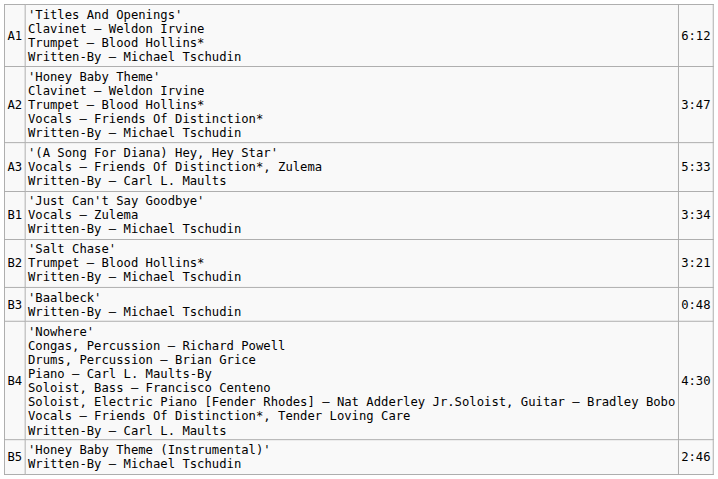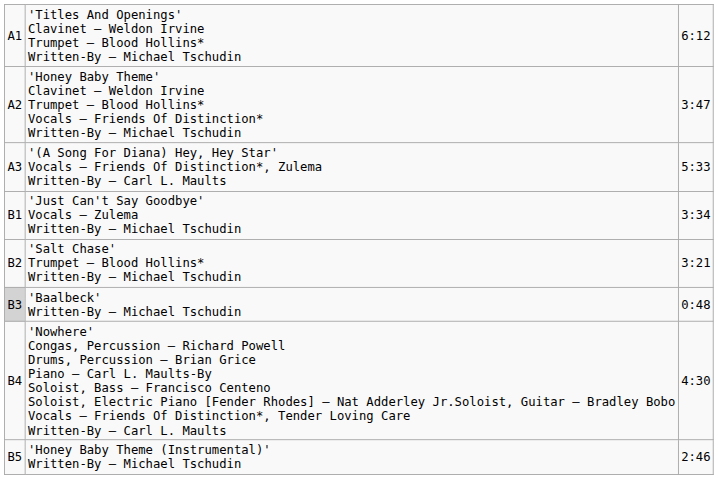 <table class="wikitable">
 <tr>
 <td>A1</td>
 <td>'Titles And Openings'<br>Clavinet – Weldon Irvine<br>Trumpet – Blood Hollins*<br>Written-By – Michael Tschudin</td>
 <td>6:12</td>
 </tr>
 <tr>
 <td>A2</td>
 <td>'Honey Baby Theme'<br>Clavinet – Weldon Irvine<br>Trumpet – Blood Hollins*<br>Vocals – Friends Of Distinction*<br>Written-By – Michael Tschudin</td>
 <td>3:47</td>
 </tr>
 <tr>
 <td>A3</td>
 <td>'(A Song For Diana) Hey, Hey Star'<br>Vocals – Friends Of Distinction*, Zulema<br>Written-By – Carl L. Maults</td>
 <td>5:33</td>
 </tr>
 <tr>
 <td>B1</td>
 <td>'Just Can't Say Goodbye'<br>Vocals – Zulema<br>Written-By – Michael Tschudin</td>
 <td>3:34</td>
 </tr>
 <tr>
 <td>B2</td>
 <td>'Salt Chase'<br>Trumpet – Blood Hollins*<br>Written-By – Michael Tschudin</td>
 <td>3:21</td>
 </tr>
 <tr>
-<td>B3</td>
+<td style="background: lightgrey;">B3</td>
 <td>'Baalbeck'<br>Written-By – Michael Tschudin</td>
 <td>0:48</td>
 </tr>
 <tr>
 <td>B4</td>
 <td>'Nowhere'<br>Congas, Percussion – Richard Powell<br>Drums, Percussion – Brian Grice<br>Piano – Carl L. Maults-By<br>Soloist, Bass – Francisco Centeno<br>Soloist, Electric Piano [Fender Rhodes] – Nat Adderley Jr.Soloist, Guitar – Bradley Bobo<br>Vocals – Friends Of Distinction*, Tender Loving Care<br>Written-By – Carl L. Maults</td>
 <td>4:30</td>
 </tr>
 <tr>
 <td>B5</td>
 <td>'Honey Baby Theme (Instrumental)'<br>Written-By – Michael Tschudin</td>
 <td>2:46</td>
 </tr>
 </table>
